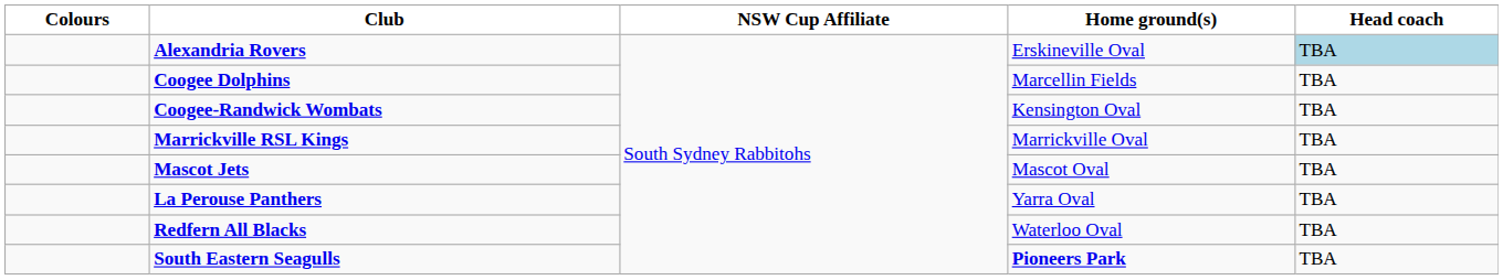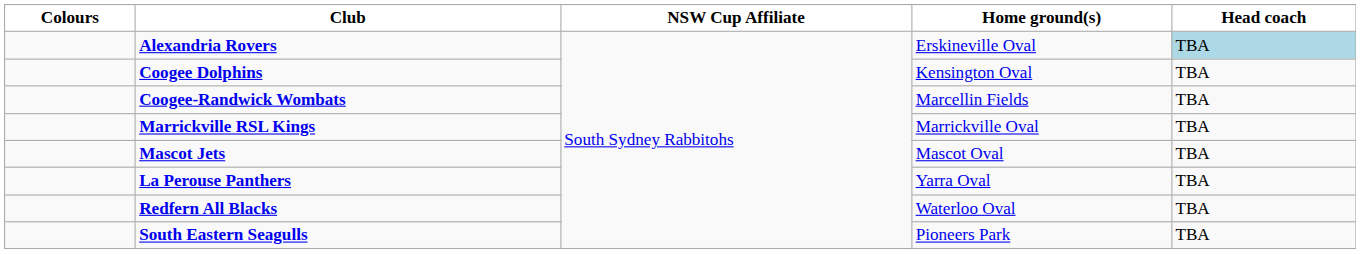 <table class="wikitable" style="width:100%; ">
 <tr>
 <th style="background:white">Colours</th>
 <th style="background:white">Club</th>
 <th style="background:white">NSW Cup Affiliate</th>
 <th style="background:white">Home ground(s)</th>
 <th style="background:white">Head coach</th>
 </tr>
 <tr>
 <td></td>
 <td><strong><a href='#'>Alexandria Rovers</a></strong></td>
 <td rowspan="8"> <a href='#'>South Sydney Rabbitohs</a></td>
 <td><a href='#'>Erskineville Oval</a></td>
 <td style="background: lightblue;">TBA</td>
 </tr>
 <tr>
 <td></td>
 <td><strong><a href='#'>Coogee Dolphins</a></strong></td>
-<td><a href='#'>Marcellin Fields</a></td>
+<td><a href='#'>Kensington Oval</a></td>
 <td>TBA</td>
 </tr>
 <tr>
 <td></td>
 <td><strong><a href='#'>Coogee-Randwick Wombats</a></strong></td>
-<td><a href='#'>Kensington Oval</a></td>
+<td><a href='#'>Marcellin Fields</a></td>
 <td>TBA</td>
 </tr>
 <tr>
 <td></td>
 <td><strong><a href='#'>Marrickville RSL Kings</a></strong></td>
 <td><a href='#'>Marrickville Oval</a></td>
 <td>TBA</td>
 </tr>
 <tr>
 <td></td>
 <td><strong><a href='#'>Mascot Jets</a></strong></td>
 <td><a href='#'>Mascot Oval</a></td>
 <td>TBA</td>
 </tr>
 <tr>
 <td></td>
 <td><strong><a href='#'>La Perouse Panthers</a></strong></td>
 <td><a href='#'>Yarra Oval</a></td>
 <td>TBA</td>
 </tr>
 <tr>
 <td></td>
 <td><strong><a href='#'>Redfern All Blacks</a></strong></td>
 <td><a href='#'>Waterloo Oval</a></td>
 <td>TBA</td>
 </tr>
 <tr>
 <td></td>
 <td><strong><a href='#'>South Eastern Seagulls</a></strong></td>
-<td><strong><a href='#'>Pioneers Park</a></strong></td>
+<td><a href='#'>Pioneers Park</a></td>
 <td>TBA</td>
 </tr>
 </table>
